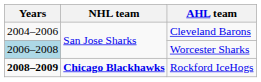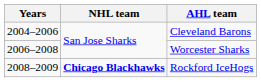 <table class="wikitable">
 <tr>
 <th>Years</th>
 <th>NHL team</th>
 <th><a href='#'>AHL</a> team</th>
 </tr>
 <tr>
 <td>2004–2006</td>
 <td rowspan=2><a href='#'>San Jose Sharks</a></td>
 <td><a href='#'>Cleveland Barons</a></td>
 </tr>
 <tr>
-<td style="background: lightblue;">2006–2008</td>
+<td>2006–2008</td>
 <td><a href='#'>Worcester Sharks</a></td>
 </tr>
 <tr>
-<td><strong>2008–2009</strong></td>
+<td>2008–2009</td>
 <td><strong><a href='#'>Chicago Blackhawks</a></strong></td>
 <td><a href='#'>Rockford IceHogs</a></td>
 </tr>
 </table>
